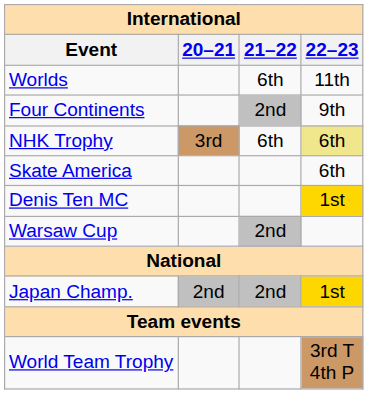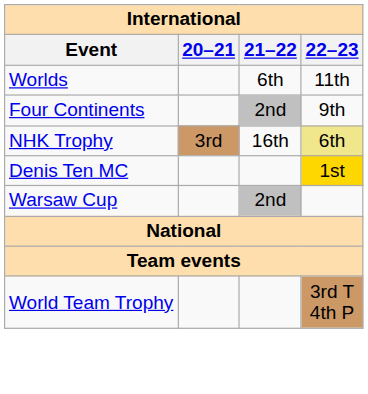 <table class="wikitable" style="text-align:center">
 <tr>
 <th colspan=4 style="background:#ffdead; text-align:center;">International</th>
 </tr>
 <tr>
 <th>Event</th>
 <th><a href='#'>20–21</a></th>
 <th><a href='#'>21–22</a></th>
 <th><a href='#'>22–23</a></th>
 </tr>
 <tr>
 <td align=left><a href='#'>Worlds</a></td>
 <td></td>
 <td>6th</td>
 <td>11th</td>
 </tr>
 <tr>
 <td align=left><a href='#'>Four Continents</a></td>
 <td></td>
 <td bgcolor=silver>2nd</td>
 <td>9th</td>
 </tr>
 <tr>
 <td align=left> <a href='#'>NHK Trophy</a></td>
 <td bgcolor=cc9966>3rd</td>
-<td>6th</td>
+<td>16th</td>
 <td style="background: khaki;">6th</td>
-</tr>
-<tr>
-<td align=left> <a href='#'>Skate America</a></td>
-<td></td>
-<td></td>
-<td>6th</td>
 </tr>
 <tr>
 <td align=left> <a href='#'>Denis Ten MC</a></td>
 <td></td>
 <td></td>
 <td bgcolor=gold>1st</td>
 </tr>
 <tr>
 <td align=left> <a href='#'>Warsaw Cup</a></td>
 <td></td>
 <td bgcolor=silver>2nd</td>
 <td></td>
 </tr>
 <tr>
 <th colspan=4 style="background:#ffdead;">National</th>
 </tr>
 <tr>
-<td align=left><a href='#'>Japan Champ.</a></td>
-<td bgcolor=silver>2nd</td>
-<td bgcolor=silver>2nd</td>
-<td bgcolor=gold>1st</td>
-</tr>
-<tr>
 <th colspan=4 style="background:#ffdead;">Team events</th>
 </tr>
 <tr>
 <td align=left><a href='#'>World Team Trophy</a></td>
 <td></td>
 <td></td>
 <td bgcolor=cc9966>3rd T<br>4th P</td>
 </tr>
 </table>
